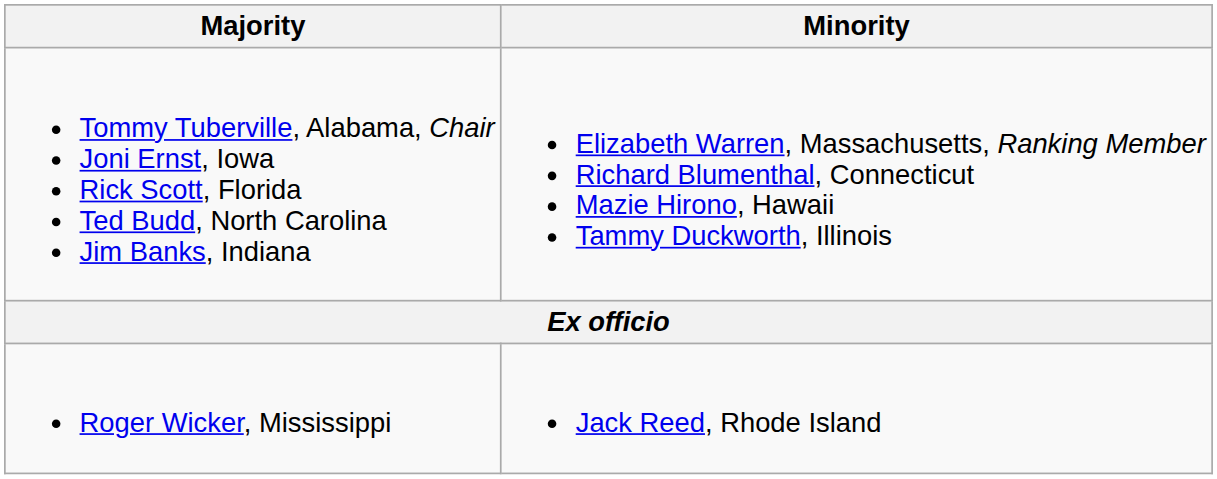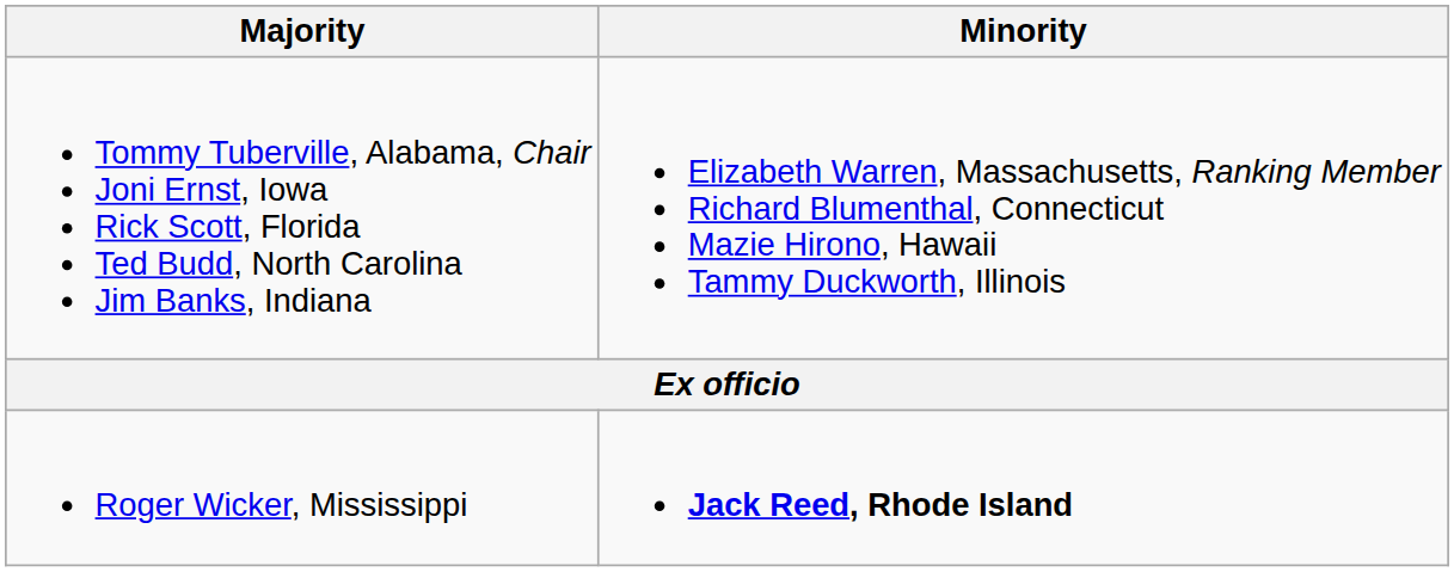 <table class=wikitable>
 <tr>
 <th>Majority</th>
 <th>Minority</th>
 </tr>
 <tr>
 <td><br><ul><li><a href='#'>Tommy Tuberville</a>, Alabama, <em>Chair</em></li><li><a href='#'>Joni Ernst</a>, Iowa</li><li><a href='#'>Rick Scott</a>, Florida</li><li><a href='#'>Ted Budd</a>, North Carolina</li><li><a href='#'>Jim Banks</a>, Indiana</li></ul></td>
 <td><br><ul><li><a href='#'>Elizabeth Warren</a>, Massachusetts, <em>Ranking Member</em></li><li><a href='#'>Richard Blumenthal</a>, Connecticut</li><li><a href='#'>Mazie Hirono</a>, Hawaii</li><li><a href='#'>Tammy Duckworth</a>, Illinois</li></ul></td>
 </tr>
 <tr>
 <th colspan=2><em>Ex officio</em></th>
 </tr>
 <tr>
 <td><br><ul><li><a href='#'>Roger Wicker</a>, Mississippi</li></ul></td>
-<td><br><ul><li><a href='#'>Jack Reed</a>, Rhode Island</li></ul></td>
+<td><strong><br><ul><li><a href='#'>Jack Reed</a>, Rhode Island</li></ul></strong></td>
 </tr>
 </table>
